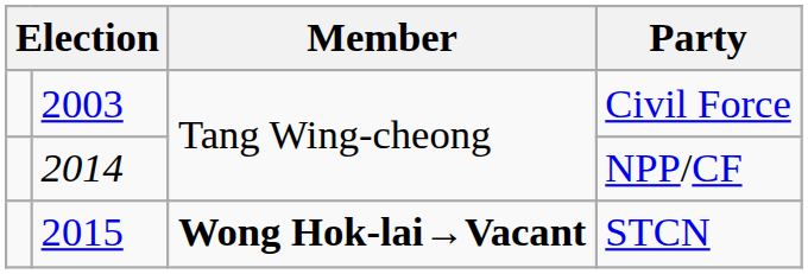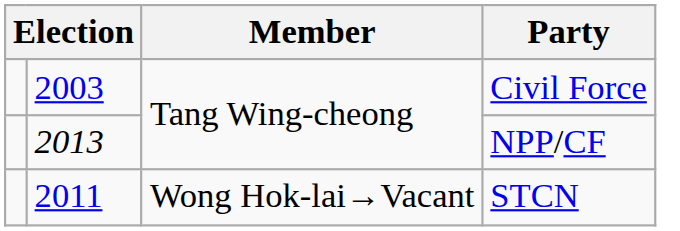 <table class="wikitable">
 <tr>
 <th colspan="2">Election</th>
 <th>Member</th>
 <th>Party</th>
 </tr>
 <tr>
 <td style="background-color: "></td>
 <td><a href='#'>2003</a></td>
 <td rowspan=2>Tang Wing-cheong</td>
 <td><a href='#'>Civil Force</a></td>
 </tr>
 <tr>
 <td style="background-color: "></td>
-<td><em>2014</em></td>
+<td><em>2013</em></td>
 <td><a href='#'>NPP</a>/<a href='#'>CF</a></td>
 </tr>
 <tr>
 <td style="background-color: "></td>
-<td><a href='#'>2015</a></td>
-<td><strong>Wong Hok-lai→Vacant</strong></td>
+<td><a href='#'>2011</a></td>
+<td>Wong Hok-lai→Vacant</td>
 <td><a href='#'>STCN</a></td>
 </tr>
 </table>
